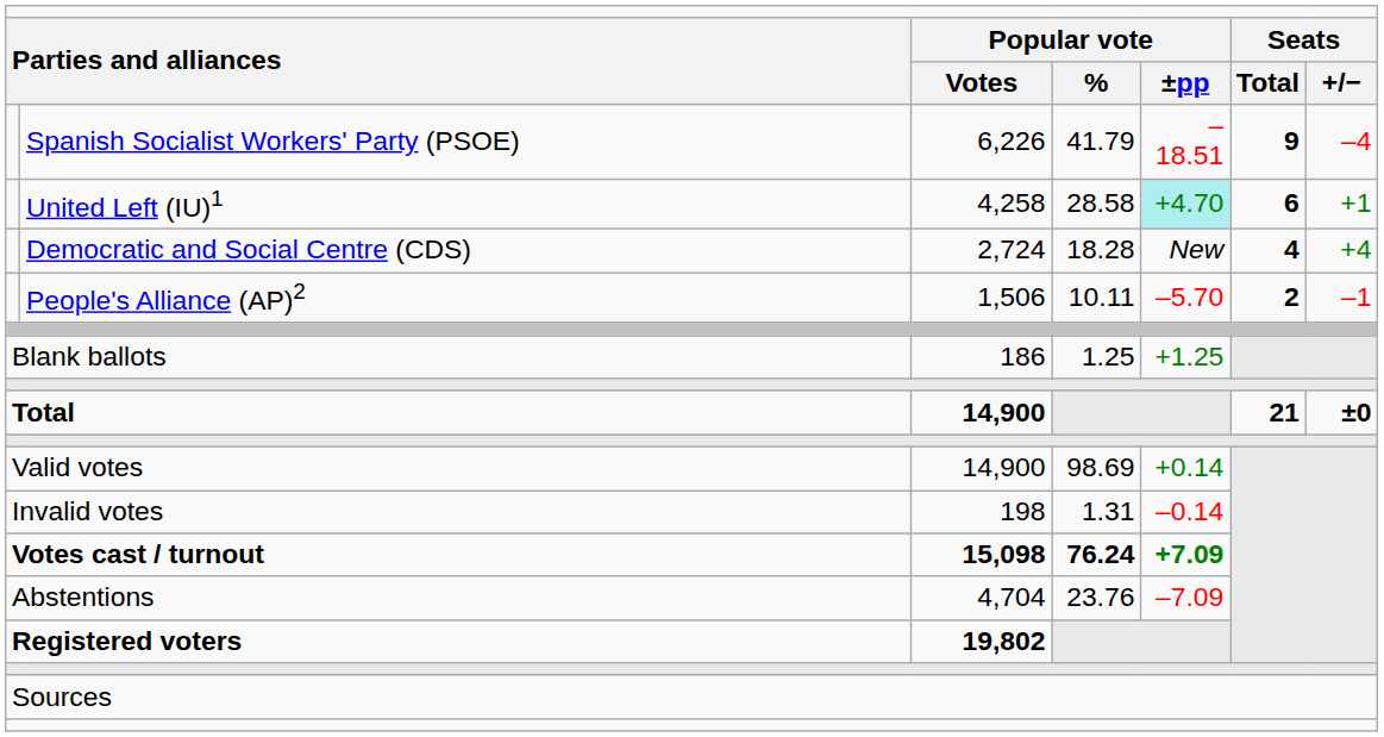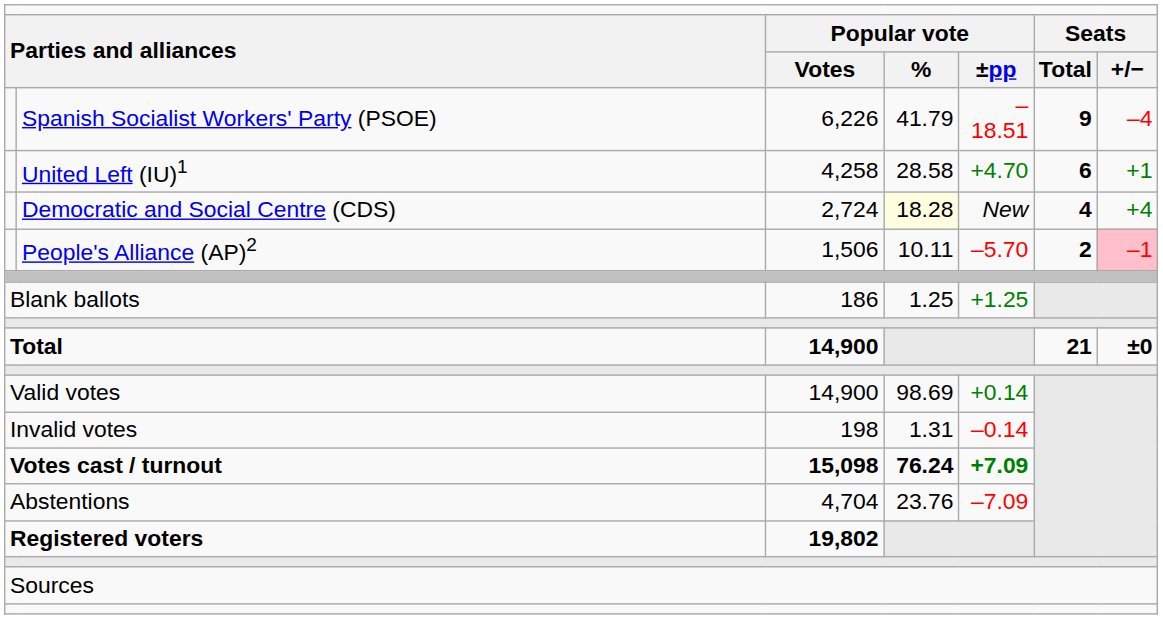 <table class="wikitable" style="text-align:right;">
 <tr>
 <td colspan="7"></td>
 </tr>
 <tr>
 <th style="text-align:left;" rowspan="2" colspan="2" width="525">Parties and alliances</th>
 <th colspan="3">Popular vote</th>
 <th colspan="2">Seats</th>
 </tr>
 <tr>
 <th width="75">Votes</th>
 <th width="45">%</th>
 <th width="45">±<a href='#'>pp</a></th>
 <th width="35">Total</th>
 <th width="35">+/−</th>
 </tr>
 <tr>
 <td width="1" style="color:inherit;background:"></td>
 <td align="left"><a href='#'>Spanish Socialist Workers' Party</a> (PSOE)</td>
 <td>6,226</td>
 <td>41.79</td>
 <td style="color:red;">–18.51</td>
 <td><strong>9</strong></td>
 <td style="color:red;">–4</td>
 </tr>
 <tr>
 <td style="color:inherit;background:"></td>
 <td align="left"><a href='#'>United Left</a> (IU)<sup>1</sup></td>
 <td>4,258</td>
 <td>28.58</td>
-<td style="background: paleturquoise; color:green;">+4.70</td>
+<td style="color:green;">+4.70</td>
 <td><strong>6</strong></td>
 <td style="color:green;">+1</td>
 </tr>
 <tr>
 <td style="color:inherit;background:"></td>
 <td align="left"><a href='#'>Democratic and Social Centre</a> (CDS)</td>
 <td>2,724</td>
-<td>18.28</td>
+<td style="background: lightyellow;">18.28</td>
 <td><em>New</em></td>
 <td><strong>4</strong></td>
 <td style="color:green;">+4</td>
 </tr>
 <tr>
 <td style="color:inherit;background:"></td>
 <td align="left"><a href='#'>People's Alliance</a> (AP)<sup>2</sup></td>
 <td>1,506</td>
 <td>10.11</td>
 <td style="color:red;">–5.70</td>
 <td><strong>2</strong></td>
-<td style="color:red;">–1</td>
+<td style="background: pink; color:red;">–1</td>
 </tr>
 <tr>
 <td colspan="7" bgcolor="#C0C0C0"></td>
 </tr>
 <tr>
 <td align="left" colspan="2">Blank ballots</td>
 <td>186</td>
 <td>1.25</td>
 <td style="color:green;">+1.25</td>
 <td bgcolor="#E9E9E9" colspan="2"></td>
 </tr>
 <tr>
 <td colspan="7" bgcolor="#E9E9E9"></td>
 </tr>
 <tr style="font-weight:bold;">
 <td align="left" colspan="2">Total</td>
 <td>14,900</td>
 <td bgcolor="#E9E9E9" colspan="2"></td>
 <td>21</td>
 <td>±0</td>
 </tr>
 <tr>
 <td colspan="7" bgcolor="#E9E9E9"></td>
 </tr>
 <tr>
 <td align="left" colspan="2">Valid votes</td>
 <td>14,900</td>
 <td>98.69</td>
 <td style="color:green;">+0.14</td>
 <td bgcolor="#E9E9E9" colspan="2" rowspan="5"></td>
 </tr>
 <tr>
 <td align="left" colspan="2">Invalid votes</td>
 <td>198</td>
 <td>1.31</td>
 <td style="color:red;">–0.14</td>
 </tr>
 <tr style="font-weight:bold;">
 <td align="left" colspan="2">Votes cast / turnout</td>
 <td>15,098</td>
 <td>76.24</td>
 <td style="color:green;">+7.09</td>
 </tr>
 <tr>
 <td align="left" colspan="2">Abstentions</td>
 <td>4,704</td>
 <td>23.76</td>
 <td style="color:red;">–7.09</td>
 </tr>
 <tr style="font-weight:bold;">
 <td align="left" colspan="2">Registered voters</td>
 <td>19,802</td>
 <td bgcolor="#E9E9E9" colspan="2"></td>
 </tr>
 <tr>
 <td colspan="7" bgcolor="#E9E9E9"></td>
 </tr>
 <tr>
 <td align="left" colspan="7">Sources</td>
 </tr>
 <tr>
 <td colspan="7" style="text-align:left; max-width:790px;"></td>
 </tr>
 </table>
